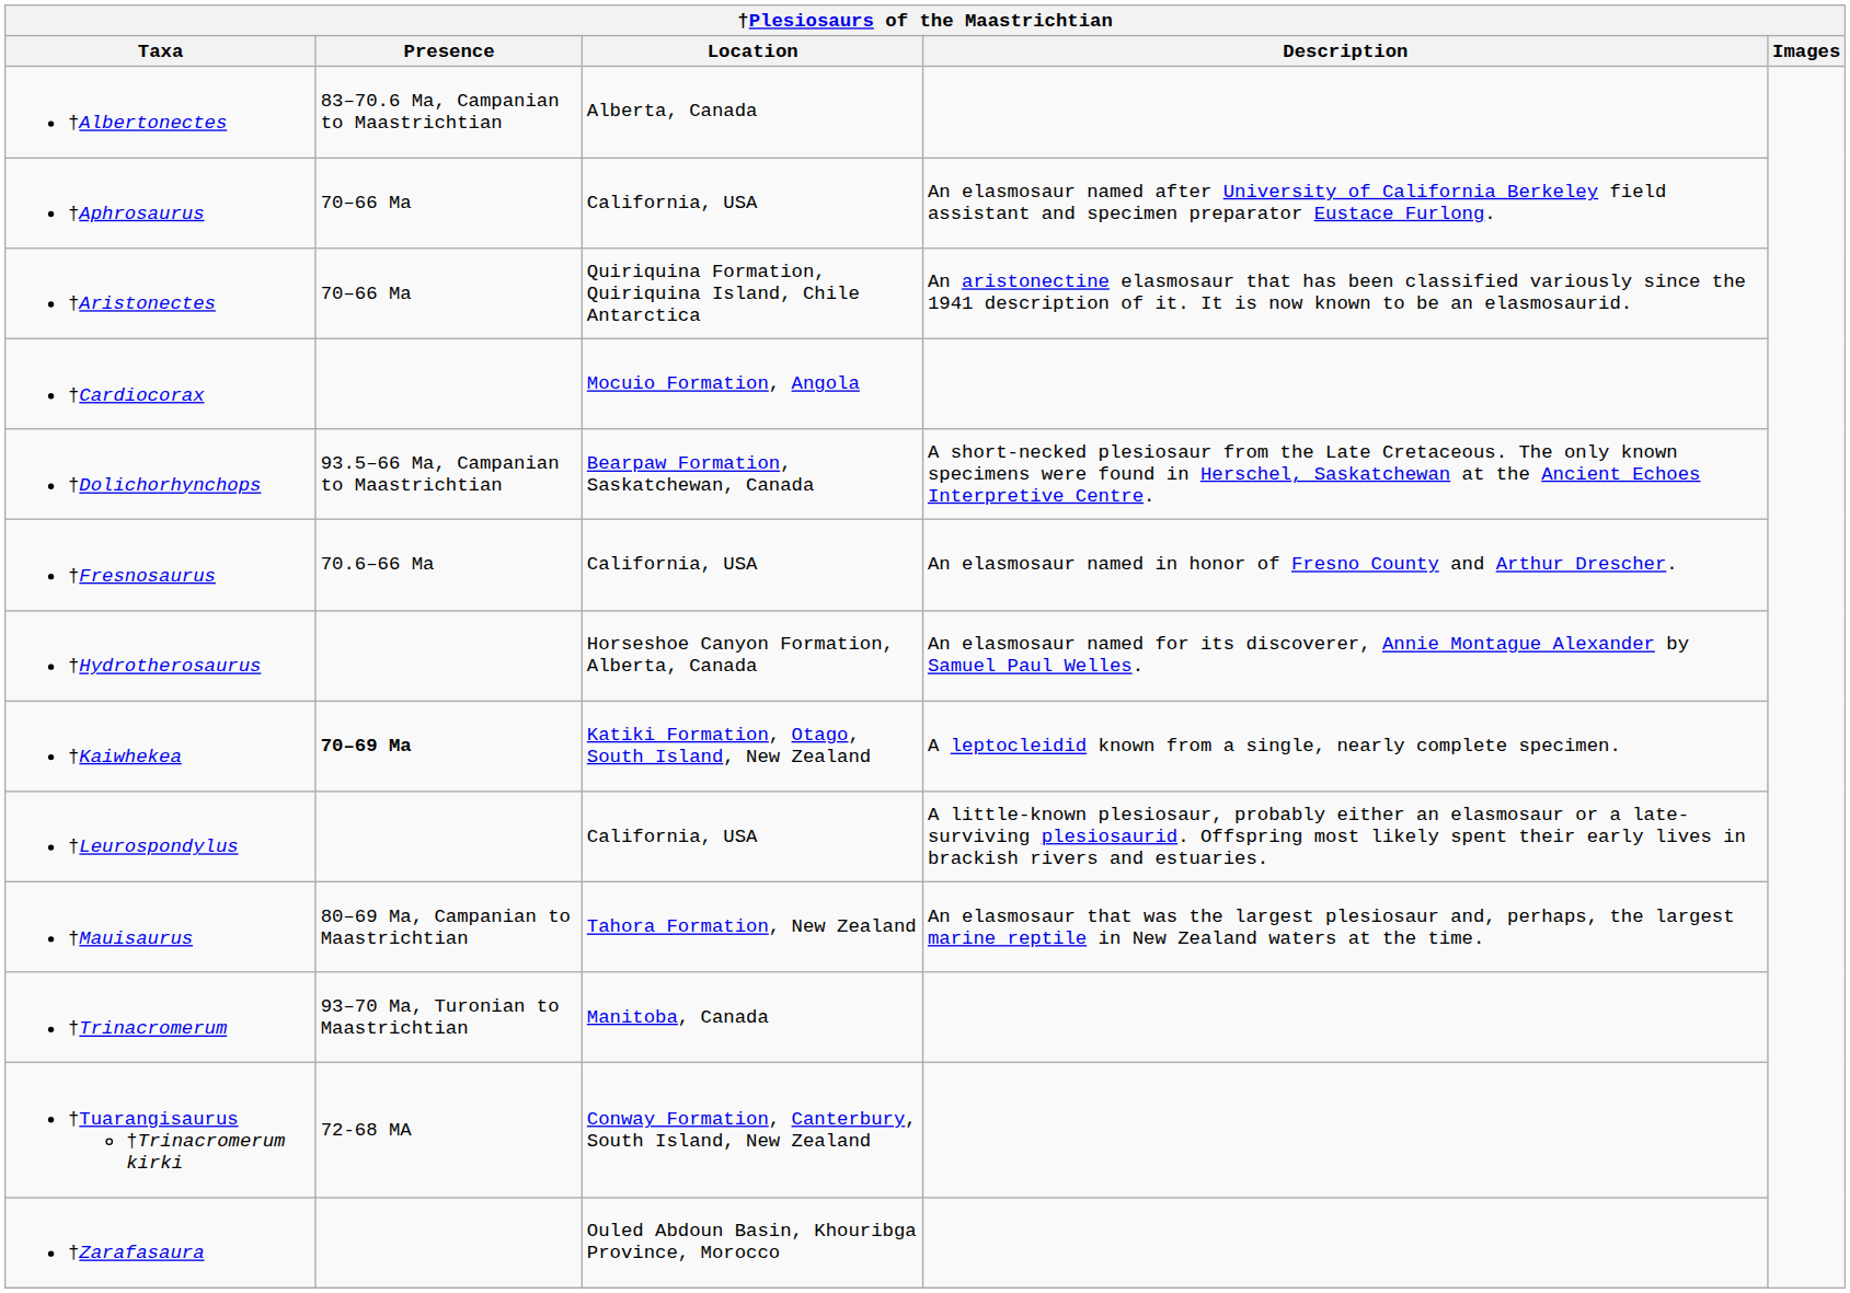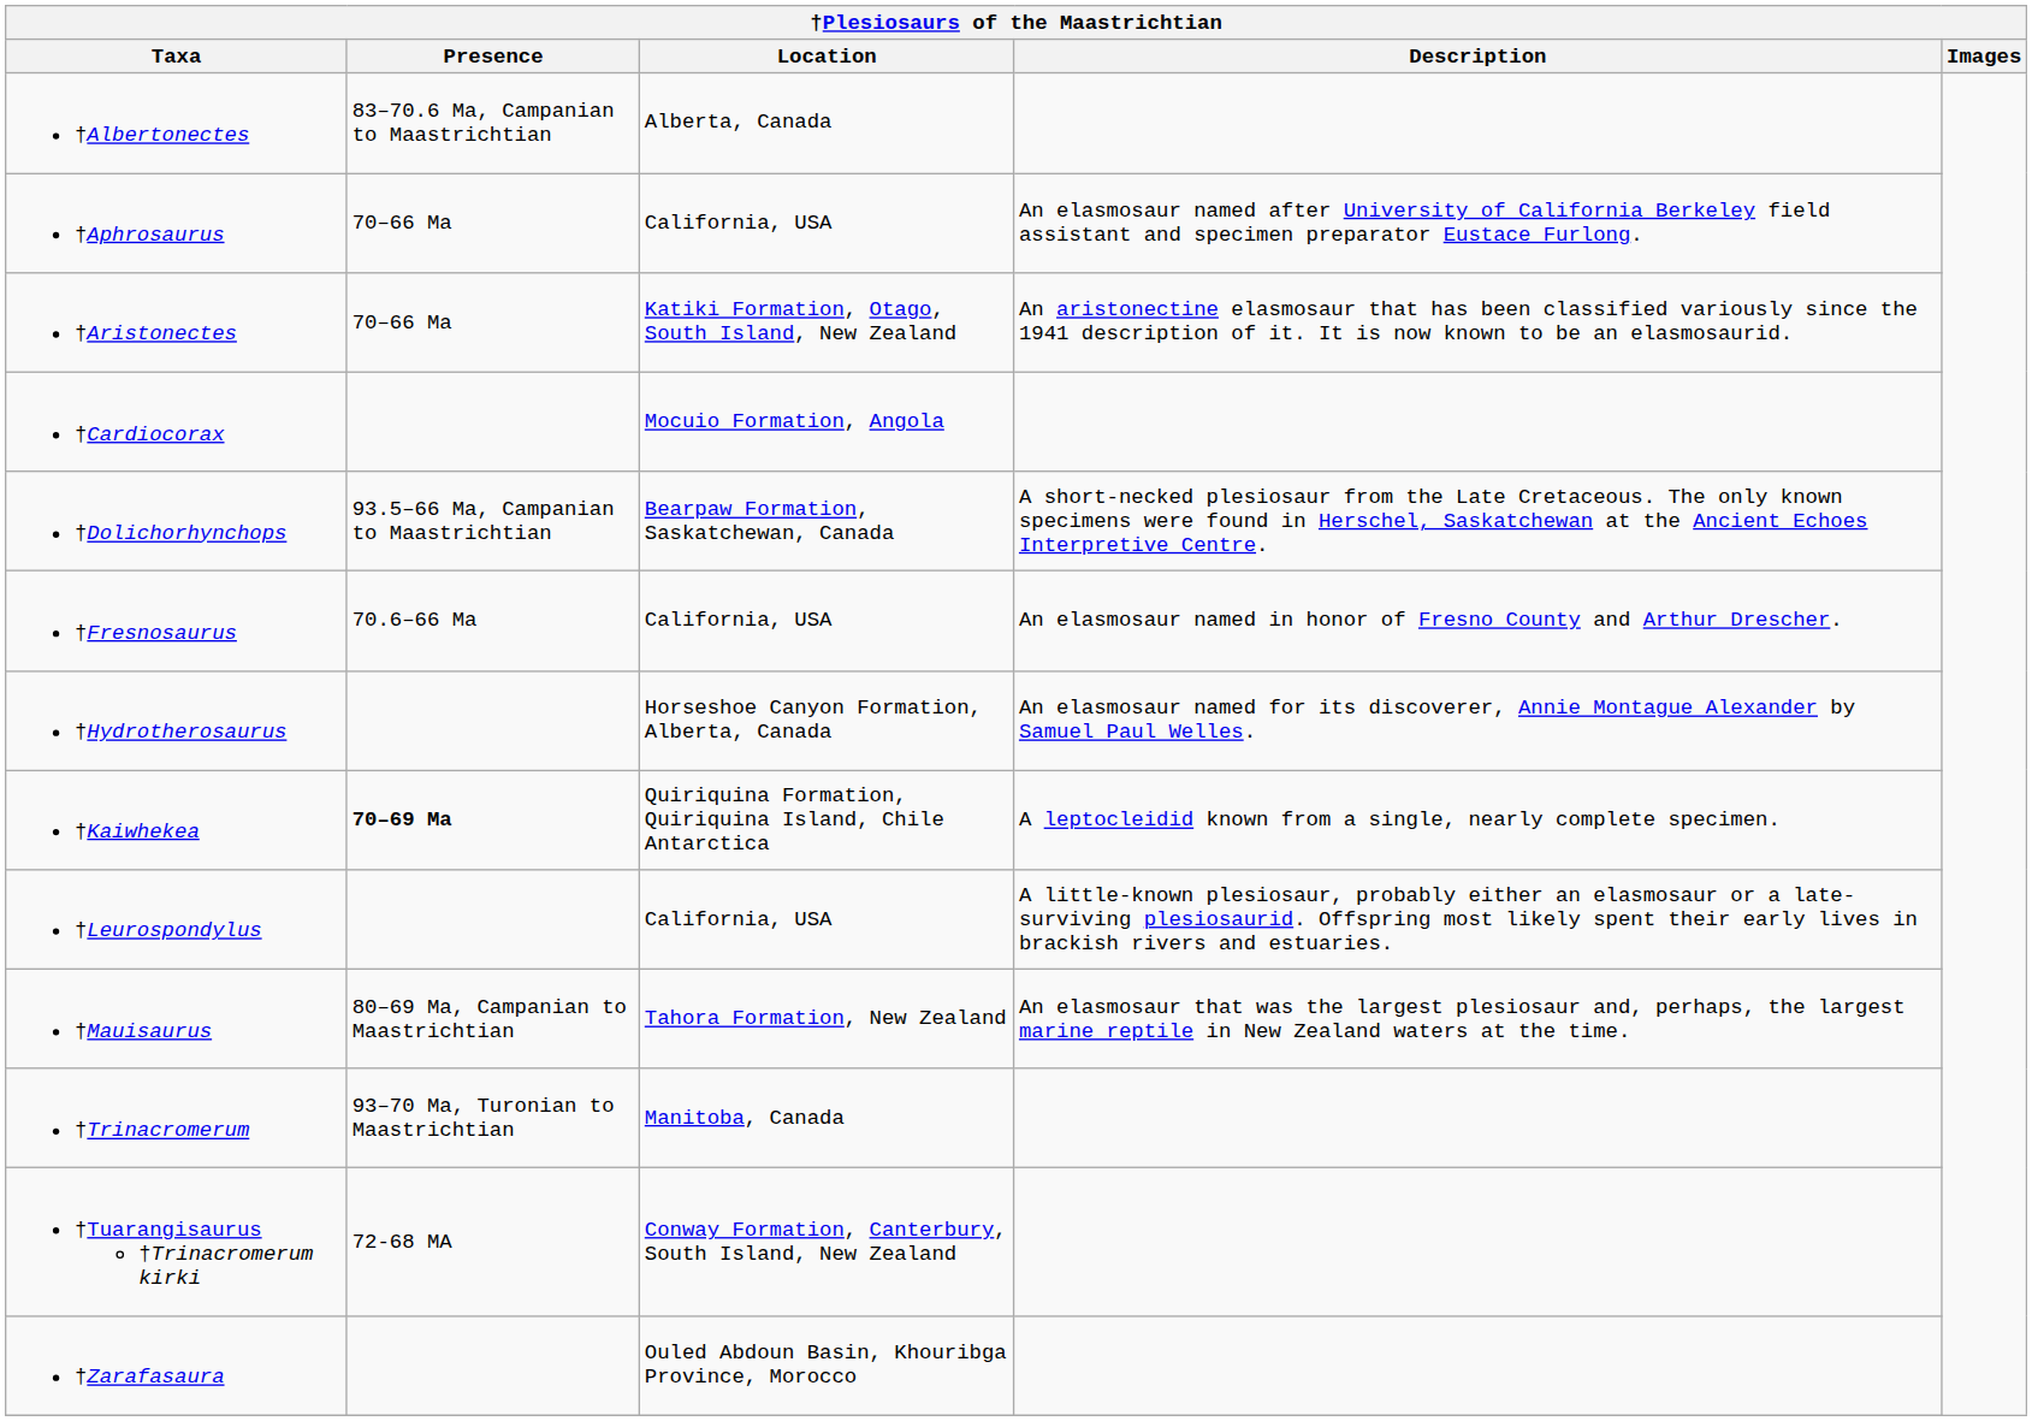 <table class="wikitable" align="center" width="100%">
 <tr>
 <th colspan="5" align="center">†<a href='#'>Plesiosaurs</a> of the Maastrichtian</th>
 </tr>
 <tr>
 <th>Taxa</th>
 <th>Presence</th>
 <th>Location</th>
 <th>Description</th>
 <th>Images</th>
 </tr>
 <tr>
 <td><br><ul><li>†<em><a href='#'>Albertonectes</a></em></li></ul></td>
 <td>83–70.6 Ma, Campanian to Maastrichtian</td>
 <td>Alberta, Canada</td>
 <td></td>
 <td rowspan="100"><br>    </td>
 </tr>
 <tr>
 <td><br><ul><li>†<em><a href='#'>Aphrosaurus</a></em></li></ul></td>
 <td>70–66 Ma</td>
 <td>California, USA</td>
 <td>An elasmosaur named after <a href='#'>University of California Berkeley</a> field assistant and specimen preparator <a href='#'>Eustace Furlong</a>.</td>
 </tr>
 <tr>
 <td><br><ul><li>†<em><a href='#'>Aristonectes</a></em></li></ul></td>
 <td>70–66 Ma</td>
-<td>Quiriquina Formation, Quiriquina Island, Chile<br>Antarctica</td>
+<td><a href='#'>Katiki Formation</a>, <a href='#'>Otago</a>, <a href='#'>South Island</a>, New Zealand</td>
 <td>An <a href='#'>aristonectine</a> elasmosaur that has been classified variously since the 1941 description of it. It is now known to be an elasmosaurid.</td>
 </tr>
 <tr>
 <td><br><ul><li>†<em><a href='#'>Cardiocorax</a></em></li></ul></td>
 <td></td>
 <td><a href='#'>Mocuio Formation</a>, <a href='#'>Angola</a></td>
 <td></td>
 </tr>
 <tr>
 <td><br><ul><li>†<em><a href='#'>Dolichorhynchops</a></em></li></ul></td>
 <td>93.5–66 Ma, Campanian to Maastrichtian</td>
 <td><a href='#'>Bearpaw Formation</a>, Saskatchewan, Canada</td>
 <td>A short-necked plesiosaur from the Late Cretaceous.  The only known specimens were found in <a href='#'>Herschel, Saskatchewan</a> at the <a href='#'>Ancient Echoes Interpretive Centre</a>.</td>
 </tr>
 <tr>
 <td><br><ul><li>†<em><a href='#'>Fresnosaurus</a></em></li></ul></td>
 <td>70.6–66 Ma</td>
 <td>California, USA</td>
 <td>An elasmosaur named in honor of <a href='#'>Fresno County</a> and <a href='#'>Arthur Drescher</a>.</td>
 </tr>
 <tr>
 <td><br><ul><li>†<em><a href='#'>Hydrotherosaurus</a></em></li></ul></td>
 <td></td>
 <td>Horseshoe Canyon Formation, Alberta, Canada</td>
 <td>An elasmosaur named for its discoverer, <a href='#'>Annie Montague Alexander</a> by <a href='#'>Samuel Paul Welles</a>.</td>
 </tr>
 <tr>
 <td><br><ul><li>†<em><a href='#'>Kaiwhekea</a></em></li></ul></td>
 <td><strong>70–69 Ma</strong></td>
-<td><a href='#'>Katiki Formation</a>, <a href='#'>Otago</a>, <a href='#'>South Island</a>, New Zealand</td>
+<td>Quiriquina Formation, Quiriquina Island, Chile<br>Antarctica</td>
 <td>A <a href='#'>leptocleidid</a> known from a single, nearly complete specimen.</td>
 </tr>
 <tr>
 <td><br><ul><li>†<em><a href='#'>Leurospondylus</a></em></li></ul></td>
 <td></td>
 <td>California, USA</td>
 <td>A little-known plesiosaur, probably either an elasmosaur or a late-surviving <a href='#'>plesiosaurid</a>. Offspring most likely spent their early lives in brackish rivers and estuaries.</td>
 </tr>
 <tr>
 <td><br><ul><li>†<em><a href='#'>Mauisaurus</a></em></li></ul></td>
 <td>80–69 Ma, Campanian to Maastrichtian</td>
 <td><a href='#'>Tahora Formation</a>, New Zealand</td>
 <td>An elasmosaur that was the largest plesiosaur and, perhaps, the largest <a href='#'>marine reptile</a> in New Zealand waters at the time.</td>
 </tr>
 <tr>
 <td><br><ul><li>†<em><a href='#'>Trinacromerum</a></em></li></ul></td>
 <td>93–70 Ma, Turonian to Maastrichtian</td>
 <td><a href='#'>Manitoba</a>, Canada</td>
 <td></td>
 </tr>
 <tr>
 <td><br><ul><li>†<a href='#'>Tuarangisaurus</a><ul><li>†<em>Trinacromerum kirki</em></li></ul></li></ul></td>
 <td>72-68 MA</td>
 <td><a href='#'>Conway Formation</a>, <a href='#'>Canterbury</a>, South Island, New Zealand</td>
 <td></td>
 </tr>
 <tr>
 <td><br><ul><li>†<em><a href='#'>Zarafasaura</a></em></li></ul></td>
 <td></td>
 <td>Ouled Abdoun Basin, Khouribga Province, Morocco</td>
 <td></td>
 </tr>
 <tr>
 </tr>
 </table>
